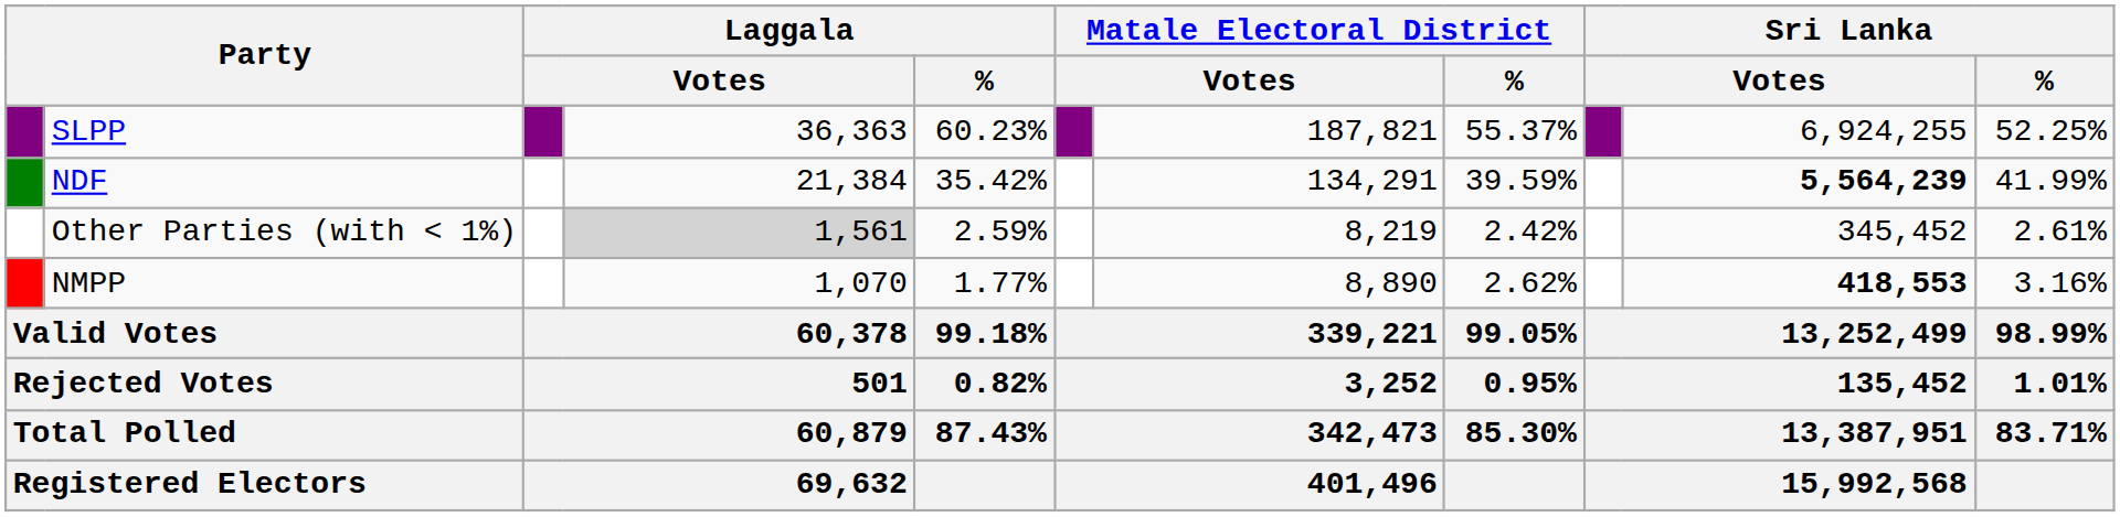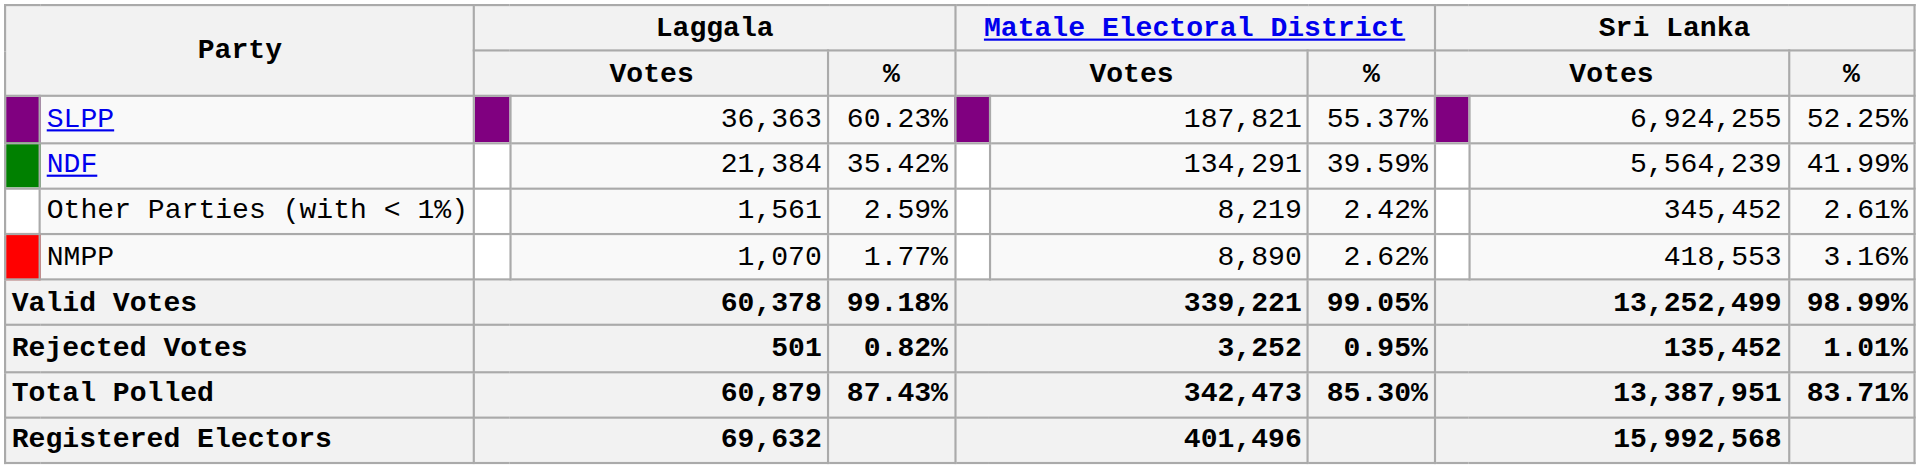 <table class="wikitable">
 <tr>
 <th colspan="2" width="144px"rowspan="2">Party</th>
 <th colspan="3" width="216px">Laggala</th>
 <th colspan="3" width="216px"><a href='#'>Matale Electoral District</a></th>
 <th colspan="3" width="216px">Sri Lanka</th>
 </tr>
 <tr>
 <th colspan="2" width="144px">Votes</th>
 <th>%</th>
 <th colspan="2" width="144px">Votes</th>
 <th>%</th>
 <th colspan="2" width="144px">Votes</th>
 <th>%</th>
 </tr>
 <tr>
 <td style="background-color:purple;" width="10px"></td>
 <td style="text-align:left;"><a href='#'>SLPP</a></td>
 <td style="background-color:purple;" width="10px"></td>
 <td style="text-align:right;">36,363</td>
 <td style="text-align:right;">60.23%</td>
 <td style="background-color:purple;" width="10px"></td>
 <td style="text-align:right;">187,821</td>
 <td style="text-align:right;">55.37%</td>
 <td style="background-color:purple;" width="10px"></td>
 <td style="text-align:right;">6,924,255</td>
 <td style="text-align:right;">52.25%</td>
 </tr>
 <tr>
 <td style="background-color:green;" width="10px"></td>
 <td style="text-align:left;"><a href='#'>NDF</a></td>
 <td style="background-color:white;" width="10px"></td>
 <td style="text-align:right;">21,384</td>
 <td style="text-align:right;">35.42%</td>
 <td style="background-color:white;" width="10px"></td>
 <td style="text-align:right;">134,291</td>
 <td style="text-align:right;">39.59%</td>
 <td style="background-color:white;" width="10px"></td>
-<td style="text-align:right;"><strong>5,564,239</strong></td>
+<td style="text-align:right;">5,564,239</td>
 <td style="text-align:right;">41.99%</td>
 </tr>
 <tr>
 <td style="background-color:white;" width="10px"></td>
 <td style="text-align:left;">Other Parties (with < 1%)</td>
 <td style="background-color:white;" width="10px"></td>
-<td style="background: lightgrey; text-align:right;">1,561</td>
+<td style="text-align:right;">1,561</td>
 <td style="text-align:right;">2.59%</td>
 <td style="background-color:white;" width="10px"></td>
 <td style="text-align:right;">8,219</td>
 <td style="text-align:right;">2.42%</td>
 <td style="background-color:white;" width="10px"></td>
 <td style="text-align:right;">345,452</td>
 <td style="text-align:right;">2.61%</td>
 </tr>
 <tr>
 <td style="background-color:red;" width="10px"></td>
 <td style="text-align:left;">NMPP</td>
 <td style="background-color:white;" width="10px"></td>
 <td style="text-align:right;">1,070</td>
 <td style="text-align:right;">1.77%</td>
 <td style="background-color:white;" width="10px"></td>
 <td style="text-align:right;">8,890</td>
 <td style="text-align:right;">2.62%</td>
 <td style="background-color:white;" width="10px"></td>
-<td style="text-align:right;"><strong>418,553</strong></td>
+<td style="text-align:right;">418,553</td>
 <td style="text-align:right;">3.16%</td>
 </tr>
 <tr>
 <th colspan="2" width="144px"style="text-align:left;">Valid Votes</th>
 <th style="text-align:right;"colspan="2" width="144px">60,378</th>
 <th style="text-align:right;">99.18%</th>
 <th style="text-align:right;"colspan="2" width="144px">339,221</th>
 <th style="text-align:right;">99.05%</th>
 <th style="text-align:right;"colspan="2" width="144px">13,252,499</th>
 <th style="text-align:right;">98.99%</th>
 </tr>
 <tr>
 <th colspan="2" width="144px"style="text-align:left;">Rejected Votes</th>
 <th style="text-align:right;"colspan="2" width="144px">501</th>
 <th style="text-align:right;">0.82%</th>
 <th style="text-align:right;"colspan="2" width="144px">3,252</th>
 <th style="text-align:right;">0.95%</th>
 <th style="text-align:right;"colspan="2" width="144px">135,452</th>
 <th style="text-align:right;">1.01%</th>
 </tr>
 <tr>
 <th colspan="2" width="144px"style="text-align:left;">Total Polled</th>
 <th style="text-align:right;"colspan="2" width="144px">60,879</th>
 <th style="text-align:right;">87.43%</th>
 <th style="text-align:right;"colspan="2" width="144px">342,473</th>
 <th style="text-align:right;">85.30%</th>
 <th style="text-align:right;"colspan="2" width="144px">13,387,951</th>
 <th style="text-align:right;">83.71%</th>
 </tr>
 <tr>
 <th colspan="2" width="144px"style="text-align:left;">Registered Electors</th>
 <th style="text-align:right;"colspan="2" width="144px">69,632</th>
 <th></th>
 <th style="text-align:right;"colspan="2" width="144px">401,496</th>
 <th></th>
 <th style="text-align:right;"colspan="2" width="144px">15,992,568</th>
 <th></th>
 </tr>
 </table>
